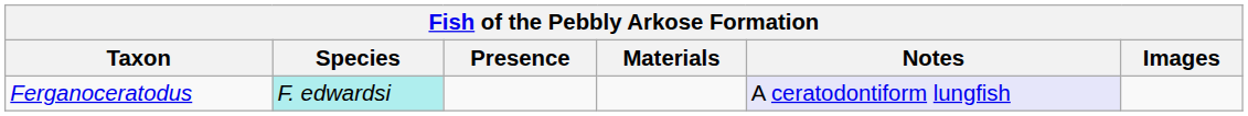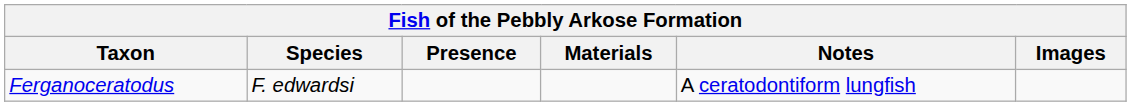 <table class="wikitable" align="center" width="100%">
 <tr>
 <th colspan="6" align="center"><strong><a href='#'>Fish</a> of the Pebbly Arkose Formation</strong></th>
 </tr>
 <tr>
 <th>Taxon</th>
 <th>Species</th>
 <th>Presence</th>
 <th>Materials</th>
 <th>Notes</th>
 <th>Images</th>
 </tr>
 <tr>
 <td><em><a href='#'>Ferganoceratodus</a></em></td>
-<td style="background: paleturquoise;"><em>F. edwardsi</em></td>
+<td><em>F. edwardsi</em></td>
 <td></td>
 <td></td>
-<td style="background: lavender;">A <a href='#'>ceratodontiform</a> <a href='#'>lungfish</a></td>
+<td>A <a href='#'>ceratodontiform</a> <a href='#'>lungfish</a></td>
 <td></td>
 </tr>
 </table>
